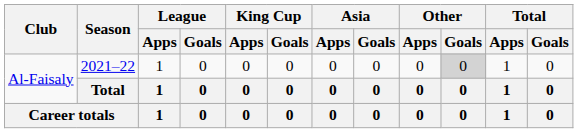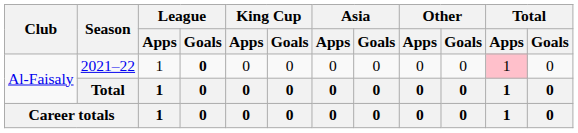 <table class="wikitable" style="text-align: center">
 <tr>
 <th rowspan=2>Club</th>
 <th rowspan=2>Season</th>
 <th colspan=2>League</th>
 <th colspan=2>King Cup</th>
 <th colspan=2>Asia</th>
 <th colspan=2>Other</th>
 <th colspan=2>Total</th>
 </tr>
 <tr>
 <th>Apps</th>
 <th>Goals</th>
 <th>Apps</th>
 <th>Goals</th>
 <th>Apps</th>
 <th>Goals</th>
 <th>Apps</th>
 <th>Goals</th>
 <th>Apps</th>
 <th>Goals</th>
 </tr>
 <tr>
 <td rowspan=2><a href='#'>Al-Faisaly</a></td>
 <td><a href='#'>2021–22</a></td>
 <td>1</td>
+<td><strong>0</strong></td>
 <td>0</td>
 <td>0</td>
 <td>0</td>
 <td>0</td>
 <td>0</td>
 <td>0</td>
-<td style="background: lightgrey;">0</td>
-<td>1</td>
+<td style="background: pink;">1</td>
 <td>0</td>
 </tr>
 <tr>
 <th>Total</th>
 <th>1</th>
 <th>0</th>
 <th>0</th>
 <th>0</th>
 <th>0</th>
 <th>0</th>
 <th>0</th>
 <th>0</th>
 <th>1</th>
 <th>0</th>
 </tr>
 <tr>
 <th colspan=2>Career totals</th>
 <th>1</th>
 <th>0</th>
 <th>0</th>
 <th>0</th>
 <th>0</th>
 <th>0</th>
 <th>0</th>
 <th>0</th>
 <th>1</th>
 <th>0</th>
 </tr>
 </table>
